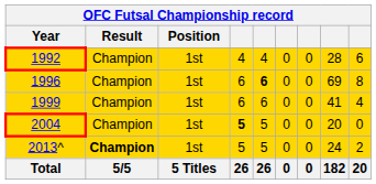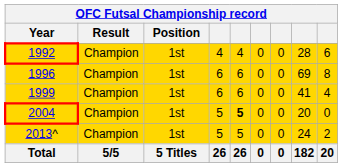 <table class="wikitable" style="text-align: center;">
 <tr>
 <th colspan="9"><a href='#'>OFC Futsal Championship record</a></th>
 </tr>
 <tr>
 <th width="90">Year</th>
 <th width="80">Result</th>
 <th width="80">Position</th>
 <th width="20"></th>
 <th width="20"></th>
 <th width="20"></th>
 <th width="20"></th>
 <th width="20"></th>
 <th width="20"></th>
 </tr>
 <tr style="background:Gold;">
 <td style="border: 3px solid red"> <a href='#'>1992</a></td>
 <td>Champion</td>
 <td>1st</td>
 <td>4</td>
 <td>4</td>
 <td>0</td>
 <td>0</td>
 <td>28</td>
 <td>6</td>
 </tr>
 <tr style="background:Gold;">
 <td> <a href='#'>1996</a></td>
 <td>Champion</td>
 <td>1st</td>
 <td>6</td>
-<td><strong>6</strong></td>
+<td>6</td>
 <td>0</td>
 <td>0</td>
 <td>69</td>
 <td>8</td>
 </tr>
 <tr style="background:Gold;">
 <td> <a href='#'>1999</a></td>
 <td>Champion</td>
 <td>1st</td>
 <td>6</td>
 <td>6</td>
 <td>0</td>
 <td>0</td>
 <td>41</td>
 <td>4</td>
 </tr>
 <tr style="background:Gold;">
 <td style="border: 3px solid red"> <a href='#'>2004</a></td>
 <td>Champion</td>
 <td>1st</td>
+<td>5</td>
 <td><strong>5</strong></td>
-<td>5</td>
 <td>0</td>
 <td>0</td>
 <td>20</td>
 <td>0</td>
 </tr>
 <tr style="background:Gold;">
 <td> <a href='#'>2013</a>^</td>
-<td><strong>Champion</strong></td>
+<td>Champion</td>
 <td>1st</td>
 <td>5</td>
 <td>5</td>
 <td>0</td>
 <td>0</td>
 <td>24</td>
 <td>2</td>
 </tr>
 <tr>
 <th>Total</th>
 <th>5/5</th>
 <th>5 Titles</th>
 <th>26</th>
 <th>26</th>
 <th>0</th>
 <th>0</th>
 <th>182</th>
 <th>20</th>
 </tr>
 </table>
